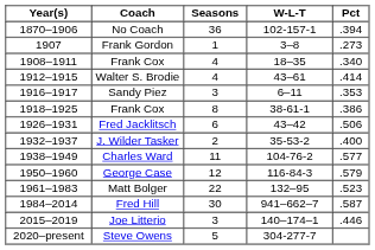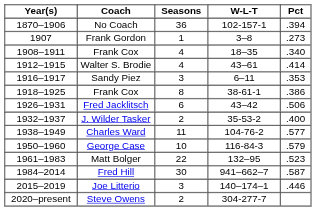 <table cellpadding="1" border="1" cellspacing="0" width="57%" style="text-align:center;">
 <tr>
 <th width="15%">Year(s)</th>
 <th width="16%">Coach</th>
 <th width="6%">Seasons</th>
 <th width="15%">W-L-T</th>
 <th width="5%">Pct</th>
 </tr>
 <tr>
 <td>1870–1906</td>
 <td>No Coach</td>
 <td>36</td>
 <td>102-157-1</td>
 <td>.394</td>
 </tr>
 <tr align="center">
 <td>1907</td>
 <td>Frank Gordon</td>
 <td>1</td>
 <td>3–8</td>
 <td>.273</td>
 </tr>
 <tr align="center">
 <td>1908–1911</td>
 <td>Frank Cox</td>
 <td>4</td>
 <td>18–35</td>
 <td>.340</td>
 </tr>
 <tr align="center">
 <td>1912–1915</td>
 <td>Walter S. Brodie</td>
 <td>4</td>
 <td>43–61</td>
 <td>.414</td>
 </tr>
 <tr align="center">
 <td>1916–1917</td>
 <td>Sandy Piez</td>
 <td>3</td>
 <td>6–11</td>
 <td>.353</td>
 </tr>
 <tr align="center">
 <td>1918–1925</td>
 <td>Frank Cox</td>
 <td>8</td>
 <td>38-61-1</td>
 <td>.386</td>
 </tr>
 <tr align="center">
 <td>1926–1931</td>
 <td><a href='#'>Fred Jacklitsch</a></td>
 <td>6</td>
 <td>43–42</td>
 <td>.506</td>
 </tr>
 <tr align="center">
 <td>1932–1937</td>
 <td><a href='#'>J. Wilder Tasker</a></td>
 <td>2</td>
 <td>35-53-2</td>
 <td>.400</td>
 </tr>
 <tr align="center">
 <td>1938–1949</td>
 <td><a href='#'>Charles Ward</a></td>
 <td>11</td>
 <td>104-76-2</td>
 <td>.577</td>
 </tr>
 <tr align="center">
 <td>1950–1960</td>
 <td><a href='#'>George Case</a></td>
-<td>12</td>
+<td>10</td>
 <td>116-84-3</td>
 <td>.579</td>
 </tr>
 <tr align="center">
 <td>1961–1983</td>
 <td>Matt Bolger</td>
 <td>22</td>
 <td>132–95</td>
 <td>.523</td>
 </tr>
 <tr align="center">
 <td>1984–2014</td>
 <td><a href='#'>Fred Hill</a></td>
 <td>30</td>
 <td>941–662–7</td>
 <td>.587</td>
 </tr>
 <tr align="center">
 <td>2015–2019</td>
 <td><a href='#'>Joe Litterio</a></td>
 <td>3</td>
 <td>140–174–1</td>
 <td>.446</td>
 </tr>
 <tr align="center">
 <td>2020–present</td>
 <td><a href='#'>Steve Owens</a></td>
-<td>5</td>
+<td>2</td>
 <td>304-277-7</td>
 <td></td>
 </tr>
 <tr align="center" class="sortbottom">
 </tr>
 </table>
